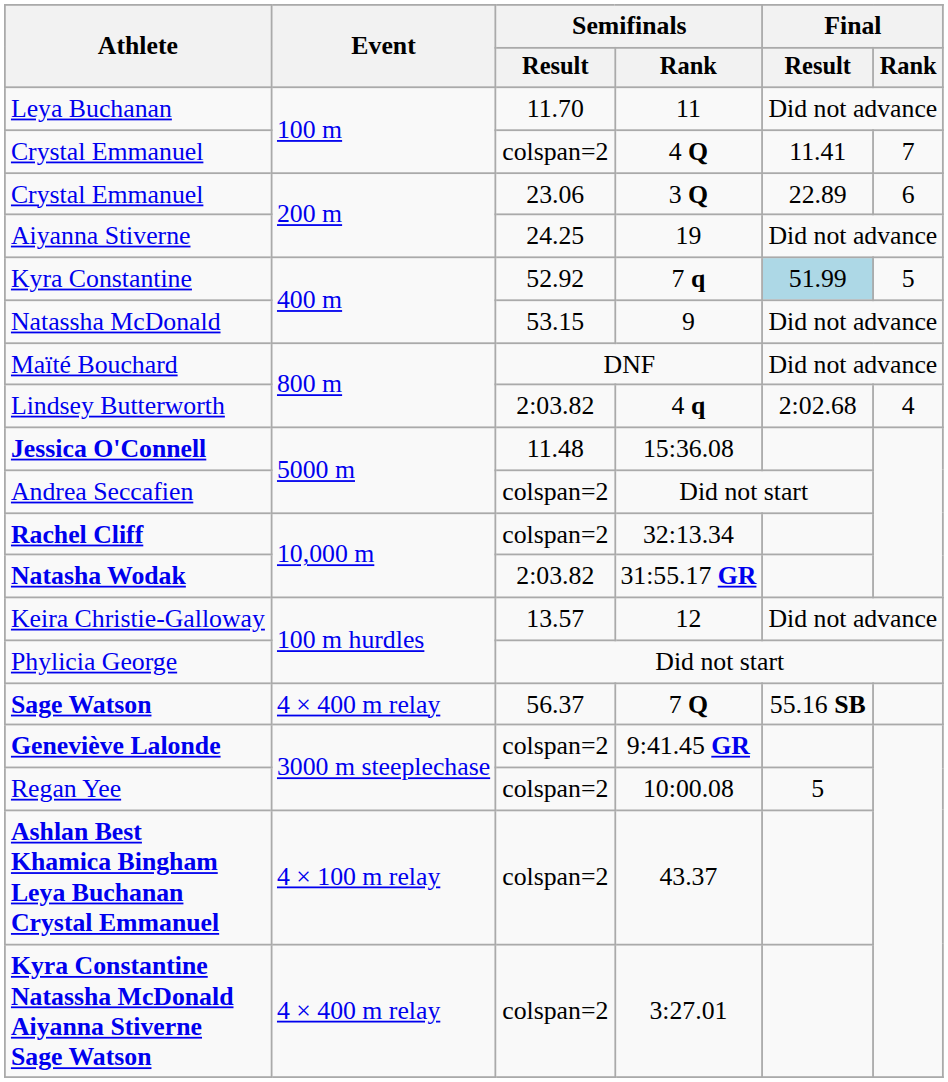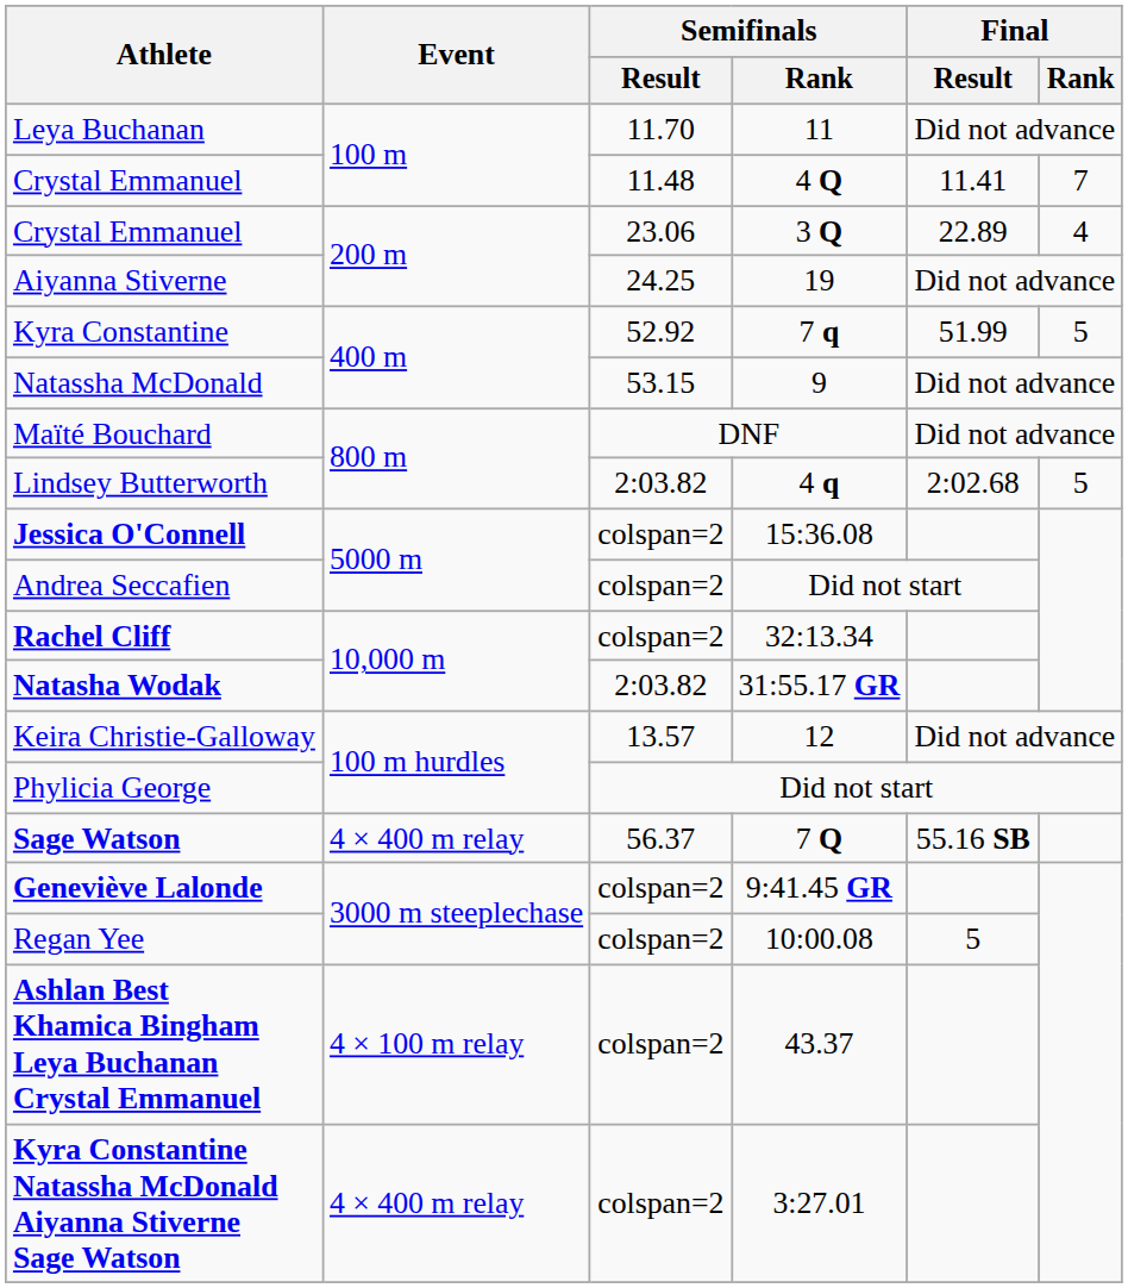 <table class=wikitable style="font-size:90%">
 <tr>
 <th rowspan="2">Athlete</th>
 <th rowspan="2">Event</th>
 <th colspan="2">Semifinals</th>
 <th colspan="2">Final</th>
 </tr>
 <tr style="font-size:95%">
 <th>Result</th>
 <th>Rank</th>
 <th>Result</th>
 <th>Rank</th>
 </tr>
 <tr align=center>
 <td align=left><a href='#'>Leya Buchanan</a></td>
 <td align=left rowspan="2"><a href='#'>100 m</a></td>
 <td>11.70</td>
 <td>11</td>
 <td colspan=2>Did not advance</td>
 </tr>
 <tr align=center>
 <td align=left><a href='#'>Crystal Emmanuel</a></td>
-<td>colspan=2 </td>
+<td>11.48</td>
 <td>4 <strong>Q</strong></td>
 <td>11.41</td>
 <td>7</td>
 </tr>
 <tr align=center>
 <td align=left><a href='#'>Crystal Emmanuel</a></td>
 <td align=left rowspan="2"><a href='#'>200 m</a></td>
 <td>23.06</td>
 <td>3 <strong>Q</strong></td>
 <td>22.89</td>
-<td>6</td>
+<td>4</td>
 </tr>
 <tr align=center>
 <td align=left><a href='#'>Aiyanna Stiverne</a></td>
 <td>24.25</td>
 <td>19</td>
 <td colspan=2>Did not advance</td>
 </tr>
 <tr align=center>
 <td align=left><a href='#'>Kyra Constantine</a></td>
 <td align=left rowspan="2"><a href='#'>400 m</a></td>
 <td>52.92</td>
 <td>7 <strong>q</strong></td>
-<td style="background: lightblue;">51.99</td>
+<td>51.99</td>
 <td>5</td>
 </tr>
 <tr align=center>
 <td align=left><a href='#'>Natassha McDonald</a></td>
 <td>53.15</td>
 <td>9</td>
 <td colspan=2>Did not advance</td>
 </tr>
 <tr align=center>
 <td align=left><a href='#'>Maïté Bouchard</a></td>
 <td align=left rowspan="2"><a href='#'>800 m</a></td>
 <td colspan=2>DNF</td>
 <td colspan=2>Did not advance</td>
 </tr>
 <tr align=center>
 <td align=left><a href='#'>Lindsey Butterworth</a></td>
 <td>2:03.82</td>
 <td>4 <strong>q</strong></td>
 <td>2:02.68</td>
-<td>4</td>
+<td>5</td>
 </tr>
 <tr align=center>
 <td align=left><strong><a href='#'>Jessica O'Connell</a></strong></td>
 <td align=left rowspan="2"><a href='#'>5000 m</a></td>
-<td>11.48</td>
+<td>colspan=2 </td>
 <td>15:36.08</td>
 <td></td>
 </tr>
 <tr align=center>
 <td align=left><a href='#'>Andrea Seccafien</a></td>
 <td>colspan=2 </td>
 <td colspan=2>Did not start</td>
 </tr>
 <tr align=center>
 <td align=left><strong><a href='#'>Rachel Cliff</a></strong></td>
 <td align=left rowspan="2"><a href='#'>10,000 m</a></td>
 <td>colspan=2 </td>
 <td>32:13.34</td>
 <td></td>
 </tr>
 <tr align=center>
 <td align=left><strong><a href='#'>Natasha Wodak</a></strong></td>
 <td>2:03.82</td>
 <td>31:55.17 <strong><a href='#'>GR</a></strong></td>
 <td></td>
 </tr>
 <tr align=center>
 <td align=left><a href='#'>Keira Christie-Galloway</a></td>
 <td align=left rowspan="2"><a href='#'>100 m hurdles</a></td>
 <td>13.57</td>
 <td>12</td>
 <td colspan=2>Did not advance</td>
 </tr>
 <tr align=center>
 <td align=left><a href='#'>Phylicia George</a></td>
 <td colspan=4>Did not start</td>
 </tr>
 <tr align=center>
 <td align=left><strong><a href='#'>Sage Watson</a></strong></td>
 <td align=left><a href='#'>4 × 400 m relay</a></td>
 <td>56.37</td>
 <td>7 <strong>Q</strong></td>
 <td>55.16 <strong>SB</strong></td>
 <td></td>
 </tr>
 <tr align=center>
 <td align=left><strong><a href='#'>Geneviève Lalonde</a></strong></td>
 <td align=left rowspan=2><a href='#'>3000 m steeplechase</a></td>
 <td>colspan=2 </td>
 <td>9:41.45 <strong><a href='#'>GR</a></strong></td>
 <td></td>
 </tr>
 <tr align=center>
 <td align=left><a href='#'>Regan Yee</a></td>
 <td>colspan=2 </td>
 <td>10:00.08</td>
 <td>5</td>
 </tr>
 <tr align=center>
 <td align=left><strong><a href='#'>Ashlan Best</a><br><a href='#'>Khamica Bingham</a><br><a href='#'>Leya Buchanan</a><br><a href='#'>Crystal Emmanuel</a></strong></td>
 <td align=left><a href='#'>4 × 100 m relay</a></td>
 <td>colspan=2 </td>
 <td>43.37</td>
 <td></td>
 </tr>
 <tr align=center>
 <td align=left><strong><a href='#'>Kyra Constantine</a><br><a href='#'>Natassha McDonald</a><br><a href='#'>Aiyanna Stiverne</a><br><a href='#'>Sage Watson</a></strong></td>
 <td align=left><a href='#'>4 × 400 m relay</a></td>
 <td>colspan=2 </td>
 <td>3:27.01</td>
 <td></td>
 </tr>
 </table>
